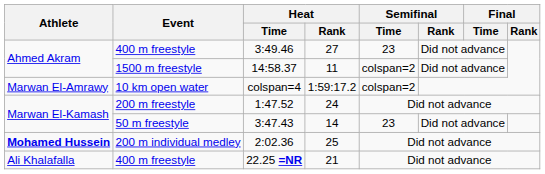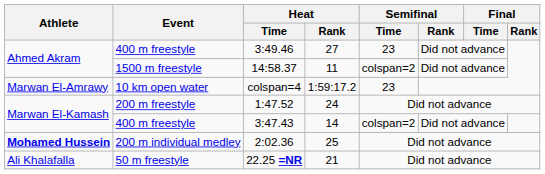 <table class=wikitable style="font-size:90%">
 <tr>
 <th rowspan="2">Athlete</th>
 <th rowspan="2">Event</th>
 <th colspan="2">Heat</th>
 <th colspan="2">Semifinal</th>
 <th colspan="2">Final</th>
 </tr>
 <tr style="font-size:95%">
 <th>Time</th>
 <th>Rank</th>
 <th>Time</th>
 <th>Rank</th>
 <th>Time</th>
 <th>Rank</th>
 </tr>
 <tr align=center>
 <td align=left rowspan=2><a href='#'>Ahmed Akram</a></td>
 <td align=left><a href='#'>400 m freestyle</a></td>
 <td>3:49.46</td>
 <td>27</td>
 <td>23</td>
 <td colspan=2>Did not advance</td>
 </tr>
 <tr align=center>
 <td align=left><a href='#'>1500 m freestyle</a></td>
 <td>14:58.37</td>
 <td>11</td>
 <td>colspan=2 </td>
 <td colspan=2>Did not advance</td>
 </tr>
 <tr align=center>
 <td align=left><a href='#'>Marwan El-Amrawy</a></td>
 <td align=left><a href='#'>10 km open water</a></td>
 <td>colspan=4 </td>
 <td>1:59:17.2</td>
-<td>colspan=2 </td>
+<td>23</td>
 </tr>
 <tr align="center">
 <td align=left rowspan=2><a href='#'>Marwan El-Kamash</a></td>
 <td align=left><a href='#'>200 m freestyle</a></td>
 <td>1:47.52</td>
 <td>24</td>
 <td colspan="4">Did not advance</td>
 </tr>
 <tr align=center>
-<td align=left><a href='#'>50 m freestyle</a></td>
+<td align=left><a href='#'>400 m freestyle</a></td>
 <td>3:47.43</td>
 <td>14</td>
-<td>23</td>
+<td>colspan=2 </td>
 <td colspan=2>Did not advance</td>
 </tr>
 <tr align=center>
 <td align=left><strong><a href='#'>Mohamed Hussein</a></strong></td>
 <td align=left><a href='#'>200 m individual medley</a></td>
 <td>2:02.36</td>
 <td>25</td>
 <td colspan="4">Did not advance</td>
 </tr>
 <tr align=center>
 <td align=left><a href='#'>Ali Khalafalla</a></td>
-<td align=left><a href='#'>400 m freestyle</a></td>
+<td align=left><a href='#'>50 m freestyle</a></td>
 <td>22.25 <strong><a href='#'>=NR</a></strong></td>
 <td>21</td>
 <td colspan=4>Did not advance</td>
 </tr>
 </table>
